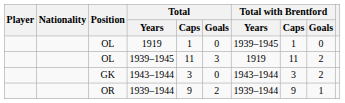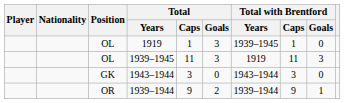 <table style="text-align:center" class="wikitable sortable">
 <tr>
 <th rowspan="2">Player</th>
 <th rowspan="2">Nationality</th>
 <th rowspan="2">Position</th>
 <th colspan="3">Total</th>
 <th colspan="3">Total with Brentford</th>
 <th rowspan="2"></th>
 </tr>
 <tr>
 <th>Years</th>
 <th>Caps</th>
 <th>Goals</th>
 <th>Years</th>
 <th>Caps</th>
 <th>Goals</th>
 </tr>
 <tr>
 <td style="text-align:left;"></td>
 <td style="text-align:left;"></td>
 <td>OL</td>
 <td>1919</td>
 <td>1</td>
-<td>0</td>
+<td>3</td>
 <td>1939–1945</td>
 <td>1</td>
 <td>0</td>
 <td></td>
 </tr>
 <tr>
 <td style="text-align:left;"></td>
 <td style="text-align:left;"></td>
 <td>OL</td>
 <td>1939–1945</td>
 <td>11</td>
 <td>3</td>
 <td>1919</td>
 <td>11</td>
-<td>2</td>
+<td>3</td>
 <td></td>
 </tr>
 <tr>
 <td style="text-align:left;"></td>
 <td style="text-align:left;"></td>
 <td>GK</td>
 <td>1943–1944</td>
 <td>3</td>
 <td>0</td>
 <td>1943–1944</td>
 <td>3</td>
-<td>2</td>
+<td>0</td>
 <td></td>
 </tr>
 <tr>
 <td style="text-align:left;"></td>
 <td style="text-align:left;"></td>
 <td>OR</td>
 <td>1939–1944</td>
 <td>9</td>
 <td>2</td>
 <td>1939–1944</td>
 <td>9</td>
 <td>1</td>
 <td></td>
 </tr>
 </table>
